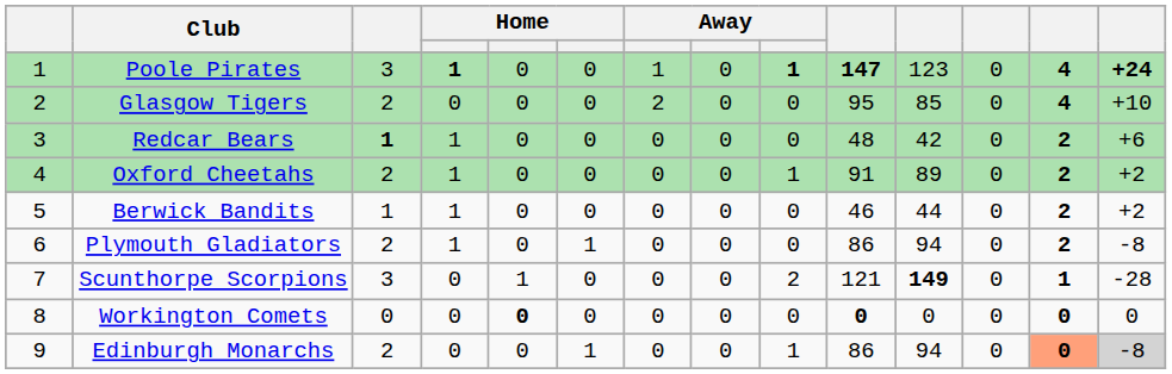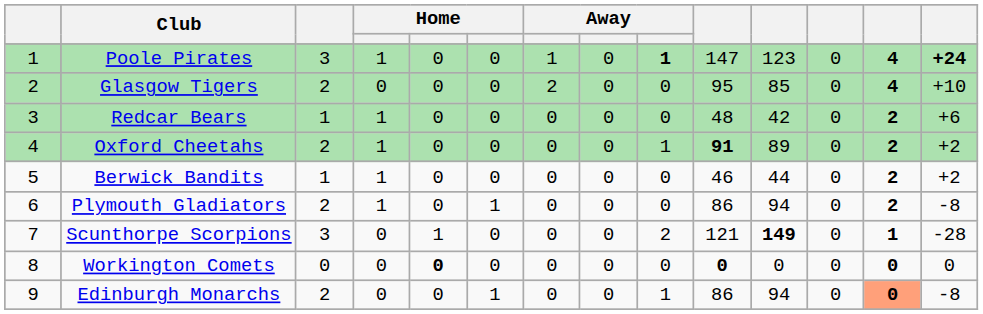 <table class="wikitable" style="text-align:center; font-size:85%">
 <tr>
 <th rowspan="2" style="width:28px;"></th>
 <th rowspan=2>Club</th>
 <th rowspan="2" style="width:28px;"></th>
 <th colspan=3>Home</th>
 <th colspan=3>Away</th>
 <th rowspan="2" style="width:28px;"></th>
 <th rowspan="2" style="width:28px;"></th>
 <th rowspan="2" style="width:28px;"></th>
 <th rowspan="2" style="width:28px;"></th>
 <th rowspan="2" style="width:28px;"></th>
 </tr>
 <tr>
 <th width=28></th>
 <th width=28></th>
 <th width=28></th>
 <th width=28></th>
 <th width=28></th>
 <th width=28></th>
 </tr>
 <tr style="background:#ACE1AF;">
 <td align="center">1</td>
 <td><a href='#'>Poole Pirates</a></td>
 <td align="center">3</td>
-<td align="center"><strong>1</strong></td>
+<td align="center">1</td>
 <td align="center">0</td>
 <td align="center">0</td>
 <td align="center">1</td>
 <td align="center">0</td>
 <td align="center"><strong>1</strong></td>
-<td align="center"><strong>147</strong></td>
+<td align="center">147</td>
 <td align="center">123</td>
 <td align="center">0</td>
 <td align="center"><strong>4</strong></td>
 <td align="center"><strong>+24</strong></td>
 </tr>
 <tr style="background:#ACE1AF;">
 <td align="center">2</td>
 <td><a href='#'>Glasgow Tigers</a></td>
 <td align="center">2</td>
 <td align="center">0</td>
 <td align="center">0</td>
 <td align="center">0</td>
 <td align="center">2</td>
 <td align="center">0</td>
 <td align="center">0</td>
 <td align="center">95</td>
 <td align="center">85</td>
 <td align="center">0</td>
 <td align="center"><strong>4</strong></td>
 <td align="center">+10</td>
 </tr>
 <tr style="background:#ACE1AF;">
 <td align="center">3</td>
 <td><a href='#'>Redcar Bears</a></td>
-<td align="center"><strong>1</strong></td>
+<td align="center">1</td>
 <td align="center">1</td>
 <td align="center">0</td>
 <td align="center">0</td>
 <td align="center">0</td>
 <td align="center">0</td>
 <td align="center">0</td>
 <td align="center">48</td>
 <td align="center">42</td>
 <td align="center">0</td>
 <td align="center"><strong>2</strong></td>
 <td align="center">+6</td>
 </tr>
 <tr style="background:#ACE1AF;">
 <td align="center">4</td>
 <td><a href='#'>Oxford Cheetahs</a></td>
 <td align="center">2</td>
 <td align="center">1</td>
 <td align="center">0</td>
 <td align="center">0</td>
 <td align="center">0</td>
 <td align="center">0</td>
 <td align="center">1</td>
-<td align="center">91</td>
+<td align="center"><strong>91</strong></td>
 <td align="center">89</td>
 <td align="center">0</td>
 <td align="center"><strong>2</strong></td>
 <td align="center">+2</td>
 </tr>
 <tr>
 <td align="center">5</td>
 <td><a href='#'>Berwick Bandits</a></td>
 <td align="center">1</td>
 <td align="center">1</td>
 <td align="center">0</td>
 <td align="center">0</td>
 <td align="center">0</td>
 <td align="center">0</td>
 <td align="center">0</td>
 <td align="center">46</td>
 <td align="center">44</td>
 <td align="center">0</td>
 <td align="center"><strong>2</strong></td>
 <td align="center">+2</td>
 </tr>
 <tr>
 <td align="center">6</td>
 <td><a href='#'>Plymouth Gladiators</a></td>
 <td align="center">2</td>
 <td align="center">1</td>
 <td align="center">0</td>
 <td align="center">1</td>
 <td align="center">0</td>
 <td align="center">0</td>
 <td align="center">0</td>
 <td align="center">86</td>
 <td align="center">94</td>
 <td align="center">0</td>
 <td align="center"><strong>2</strong></td>
 <td align="center">-8</td>
 </tr>
 <tr>
 <td align="center">7</td>
 <td><a href='#'>Scunthorpe Scorpions</a></td>
 <td align="center">3</td>
 <td align="center">0</td>
 <td align="center">1</td>
 <td align="center">0</td>
 <td align="center">0</td>
 <td align="center">0</td>
 <td align="center">2</td>
 <td align="center">121</td>
 <td align="center"><strong>149</strong></td>
 <td align="center">0</td>
 <td align="center"><strong>1</strong></td>
 <td align="center">-28</td>
 </tr>
 <tr>
 <td align="center">8</td>
 <td><a href='#'>Workington Comets</a></td>
 <td align="center">0</td>
 <td align="center">0</td>
 <td align="center"><strong>0</strong></td>
 <td align="center">0</td>
 <td align="center">0</td>
 <td align="center">0</td>
 <td align="center">0</td>
 <td align="center"><strong>0</strong></td>
 <td align="center">0</td>
 <td align="center">0</td>
 <td align="center"><strong>0</strong></td>
 <td align="center">0</td>
 </tr>
 <tr>
 <td align="center">9</td>
 <td><a href='#'>Edinburgh Monarchs</a></td>
 <td align="center">2</td>
 <td align="center">0</td>
 <td align="center">0</td>
 <td align="center">1</td>
 <td align="center">0</td>
 <td align="center">0</td>
 <td align="center">1</td>
 <td align="center">86</td>
 <td align="center">94</td>
 <td align="center">0</td>
 <td align="center" style="background: lightsalmon;"><strong>0</strong></td>
-<td align="center" style="background: lightgrey;">-8</td>
+<td align="center">-8</td>
 </tr>
 </table>
